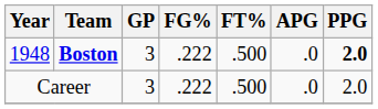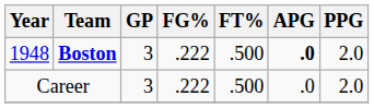 <table class="wikitable sortable" style="font-size:95%; text-align:right;">
 <tr>
 <th>Year</th>
 <th>Team</th>
 <th>GP</th>
 <th>FG%</th>
 <th>FT%</th>
 <th>APG</th>
 <th>PPG</th>
 </tr>
 <tr>
 <td style="text-align:left;"><a href='#'>1948</a></td>
 <td style="text-align:left;"><strong><a href='#'>Boston</a></strong></td>
 <td>3</td>
 <td>.222</td>
 <td>.500</td>
-<td>.0</td>
-<td><strong>2.0</strong></td>
+<td><strong>.0</strong></td>
+<td>2.0</td>
 </tr>
 <tr>
 <td style="text-align:center;" colspan="2">Career</td>
 <td>3</td>
 <td>.222</td>
 <td>.500</td>
 <td>.0</td>
 <td>2.0</td>
 </tr>
 <tr>
 </tr>
 </table>
